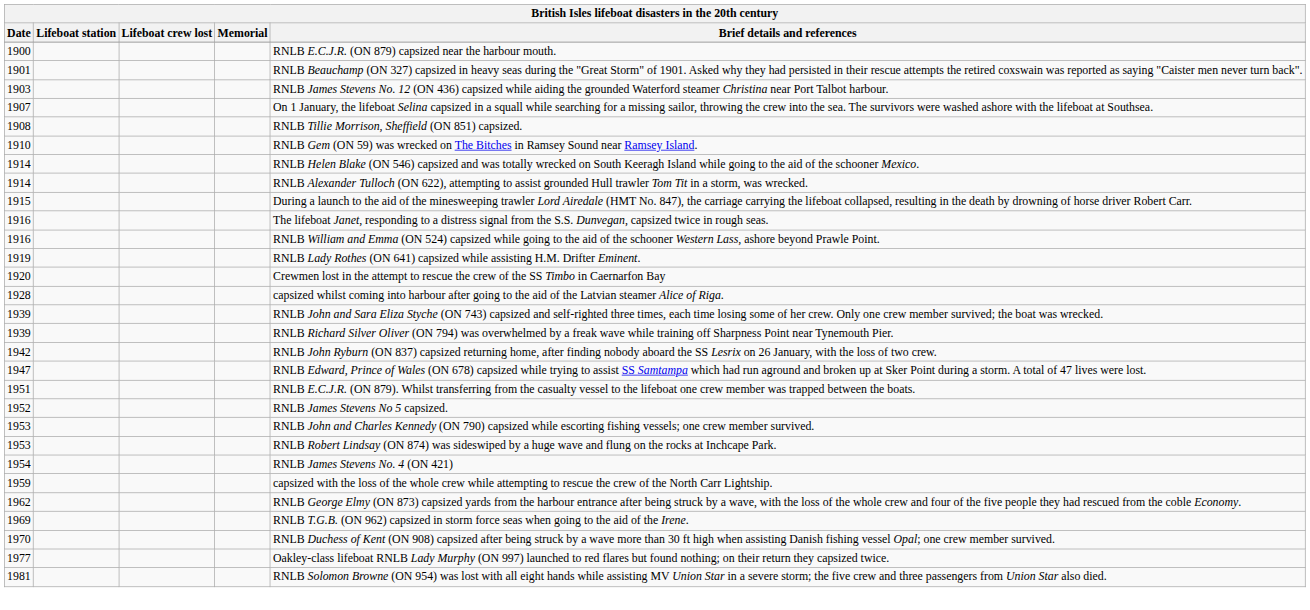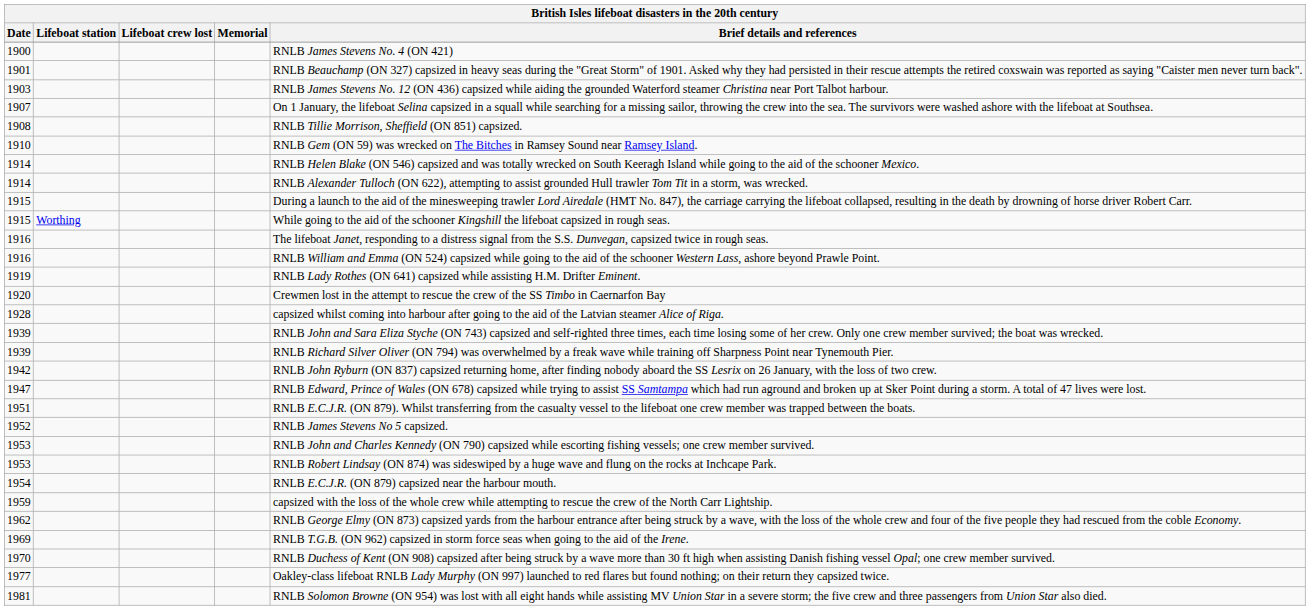 <table class="wikitable">
 <tr ---->
 <th colspan="5">British Isles lifeboat disasters in the 20th century</th>
 </tr>
 <tr ---->
 <th style="text-align: center; background:">Date</th>
 <th style="text-align: center; background:">Lifeboat station</th>
 <th style="text-align: center; background:">Lifeboat crew lost</th>
 <th style="text-align: center; background:">Memorial</th>
 <th style="text-align: center; background:">Brief details and references</th>
 </tr>
 <tr ---->
 </tr>
 <tr ---->
 <td>1900</td>
 <td></td>
 <td></td>
 <td></td>
-<td>RNLB <em>E.C.J.R.</em> (ON 879) capsized near the harbour mouth.</td>
+<td>RNLB <em>James Stevens No. 4</em> (ON 421)</td>
 </tr>
 <tr ---->
 <td>1901</td>
 <td></td>
 <td></td>
 <td></td>
 <td>RNLB <em>Beauchamp</em> (ON 327) capsized in heavy seas during the "Great Storm" of 1901. Asked why they had persisted in their rescue attempts the retired coxswain was reported as saying "Caister men never turn back".<br></td>
 </tr>
 <tr ---->
 <td>1903</td>
 <td></td>
 <td></td>
 <td></td>
 <td>RNLB <em>James Stevens No. 12</em> (ON 436) capsized while aiding the grounded Waterford steamer <em>Christina</em> near Port Talbot harbour.</td>
 </tr>
 <tr ---->
 <td>1907</td>
 <td></td>
 <td></td>
 <td></td>
 <td>On 1 January, the lifeboat <em>Selina</em> capsized in a squall while searching for a missing sailor, throwing the crew into the sea. The survivors were washed ashore with the lifeboat at Southsea.</td>
 </tr>
 <tr ---->
 <td>1908</td>
 <td></td>
 <td></td>
 <td></td>
 <td>RNLB <em>Tillie Morrison, Sheffield</em> (ON 851) capsized.</td>
 </tr>
 <tr ---->
 <td>1910</td>
 <td></td>
 <td></td>
 <td></td>
 <td>RNLB <em>Gem</em> (ON 59) was wrecked on <a href='#'>The Bitches</a> in Ramsey Sound near <a href='#'>Ramsey Island</a>.</td>
 </tr>
 <tr ---->
 <td>1914</td>
 <td></td>
 <td></td>
 <td></td>
 <td>RNLB <em>Helen Blake</em> (ON 546) capsized and was totally wrecked on South Keeragh Island while going to the aid of the schooner <em>Mexico</em>.</td>
 </tr>
 <tr ---->
 <td>1914</td>
 <td></td>
 <td></td>
 <td></td>
 <td>RNLB <em>Alexander Tulloch</em> (ON 622), attempting to assist grounded Hull trawler <em>Tom Tit</em> in a storm, was wrecked.</td>
 </tr>
 <tr ---->
 <td>1915</td>
 <td></td>
 <td></td>
 <td></td>
 <td>During a launch to the aid of the minesweeping trawler <em>Lord Airedale</em> (HMT No. 847), the carriage carrying the lifeboat collapsed, resulting in the death by drowning of horse driver Robert Carr.</td>
+</tr>
+<tr ---->
+<td>1915</td>
+<td><a href='#'>Worthing</a></td>
+<td></td>
+<td></td>
+<td>While going to the aid of the schooner <em>Kingshill</em> the lifeboat capsized in rough seas.</td>
 </tr>
 <tr ---->
 <td>1916</td>
 <td></td>
 <td></td>
 <td></td>
 <td>The lifeboat <em>Janet</em>, responding to a distress signal from the S.S. <em>Dunvegan</em>, capsized twice in rough seas.</td>
 </tr>
 <tr ---->
 <td>1916</td>
 <td></td>
 <td></td>
 <td></td>
 <td>RNLB <em>William and Emma</em> (ON 524) capsized while going to the aid of the schooner <em>Western Lass</em>, ashore beyond Prawle Point.</td>
 </tr>
 <tr ---->
 <td>1919</td>
 <td></td>
 <td></td>
 <td></td>
 <td>RNLB <em>Lady Rothes</em> (ON 641) capsized while assisting H.M. Drifter <em>Eminent</em>.</td>
 </tr>
 <tr ---->
 <td>1920</td>
 <td></td>
 <td></td>
 <td></td>
 <td>Crewmen lost in the attempt to rescue the crew of the SS <em>Timbo</em> in Caernarfon Bay</td>
 </tr>
 <tr ---->
 <td>1928</td>
 <td></td>
 <td></td>
 <td></td>
 <td> capsized whilst coming into harbour after going to the aid of the Latvian steamer <em>Alice of Riga</em>.</td>
 </tr>
 <tr ---->
 <td>1939</td>
 <td></td>
 <td></td>
 <td></td>
 <td>RNLB <em>John and Sara Eliza Styche</em> (ON 743) capsized and self-righted three times, each time losing some of her crew. Only one crew member survived; the boat was wrecked.</td>
 </tr>
 <tr ---->
 <td>1939</td>
 <td></td>
 <td></td>
 <td></td>
 <td>RNLB <em>Richard Silver Oliver</em> (ON 794) was overwhelmed by a freak wave while training off Sharpness Point near Tynemouth Pier.</td>
 </tr>
 <tr ---->
 <td>1942</td>
 <td></td>
 <td></td>
 <td></td>
 <td>RNLB <em>John Ryburn</em> (ON 837) capsized returning home, after finding nobody aboard the SS <em>Lesrix</em> on 26 January, with the loss of two crew.</td>
 </tr>
 <tr ---->
 <td>1947</td>
 <td></td>
 <td></td>
 <td></td>
 <td>RNLB <em>Edward, Prince of Wales</em> (ON 678) capsized while trying to assist <a href='#'>SS <em>Samtampa</em></a> which had run aground and broken up at Sker Point during a storm. A total of 47 lives were lost. </td>
 </tr>
 <tr ---->
 <td>1951</td>
 <td></td>
 <td></td>
 <td></td>
 <td>RNLB <em>E.C.J.R.</em> (ON 879). Whilst transferring from the casualty vessel to the lifeboat one crew member was trapped between the boats.</td>
 </tr>
 <tr ---->
 <td>1952</td>
 <td></td>
 <td></td>
 <td></td>
 <td>RNLB <em>James Stevens No 5</em> capsized.</td>
 </tr>
 <tr ---->
 <td>1953</td>
 <td></td>
 <td></td>
 <td></td>
 <td>RNLB <em>John and Charles Kennedy</em> (ON 790) capsized while escorting fishing vessels; one crew member survived.</td>
 </tr>
 <tr ---->
 <td>1953</td>
 <td></td>
 <td></td>
 <td></td>
 <td>RNLB <em>Robert Lindsay</em> (ON 874) was sideswiped by a huge wave and flung on the rocks at Inchcape Park.</td>
 </tr>
 <tr ---->
 <td>1954</td>
 <td></td>
 <td></td>
 <td></td>
-<td>RNLB <em>James Stevens No. 4</em> (ON 421)</td>
+<td>RNLB <em>E.C.J.R.</em> (ON 879) capsized near the harbour mouth.</td>
 </tr>
 <tr ---->
 <td>1959</td>
 <td></td>
 <td></td>
 <td></td>
 <td> capsized with the loss of the whole crew while attempting to rescue the crew of the North Carr Lightship.</td>
 </tr>
 <tr ---->
 <td>1962</td>
 <td></td>
 <td></td>
 <td></td>
 <td>RNLB <em>George Elmy</em> (ON 873) capsized yards from the harbour entrance after being struck by a wave, with the loss of the whole crew and four of the five people they had rescued from the coble <em>Economy</em>.</td>
 </tr>
 <tr ---->
 <td>1969</td>
 <td></td>
 <td></td>
 <td></td>
 <td>RNLB <em>T.G.B.</em> (ON 962) capsized in storm force seas when going to the aid of the <em>Irene</em>.</td>
 </tr>
 <tr ---->
 <td>1970</td>
 <td></td>
 <td></td>
 <td></td>
 <td>RNLB <em>Duchess of Kent</em> (ON 908) capsized after being struck by a wave more than 30 ft high when assisting Danish fishing vessel <em>Opal</em>; one crew member survived.</td>
 </tr>
 <tr ---->
 <td>1977</td>
 <td></td>
 <td></td>
 <td></td>
 <td>Oakley-class lifeboat RNLB <em>Lady Murphy</em> (ON 997) launched to red flares but found nothing; on their return they capsized twice.</td>
 </tr>
 <tr ---->
 <td>1981</td>
 <td></td>
 <td></td>
 <td></td>
 <td>RNLB <em>Solomon Browne</em> (ON 954) was lost with all eight hands while assisting MV <em>Union Star</em> in a severe storm; the five crew and three passengers from <em>Union Star</em> also died.<br></td>
 </tr>
 </table>
